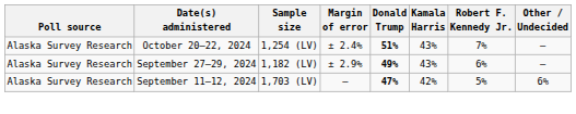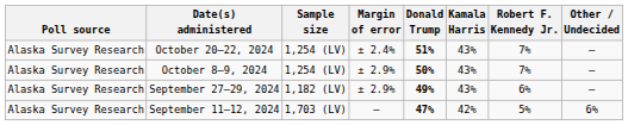 <table class="wikitable sortable mw-datatable" style="font-size:90%;text-align:center;line-height:17px">
 <tr valign=bottom>
 <th>Poll source</th>
 <th>Date(s)<br>administered</th>
 <th>Sample<br>size</th>
 <th>Margin<br>of error</th>
 <th class="unsortable">Donald<br>Trump<br></th>
 <th class="unsortable">Kamala<br>Harris<br></th>
 <th class="unsortable">Robert F.<br>Kennedy Jr.<br></th>
 <th class="unsortable">Other /<br>Undecided</th>
 </tr>
 <tr>
 <td style="text-align:left;">Alaska Survey Research</td>
 <td data-sort-value=2024-10-22>October 20–22, 2024</td>
 <td>1,254 (LV)</td>
 <td>± 2.4%</td>
 <td style="background-color:"><strong>51%</strong></td>
+<td>43%</td>
+<td>7%</td>
+<td>–</td>
+</tr>
+<tr>
+<td style="text-align:left;">Alaska Survey Research</td>
+<td data-sort-value=2024-10-09>October 8–9, 2024</td>
+<td>1,254 (LV)</td>
+<td>± 2.9%</td>
+<td style="background-color:"><strong>50%</strong></td>
 <td>43%</td>
 <td>7%</td>
 <td>–</td>
 </tr>
 <tr>
 <td style="text-align:left;">Alaska Survey Research</td>
 <td data-sort-value=2024-09-29>September 27–29, 2024</td>
 <td>1,182 (LV)</td>
 <td>± 2.9%</td>
 <td style="background-color:"><strong>49%</strong></td>
 <td>43%</td>
 <td>6%</td>
 <td>–</td>
 </tr>
 <tr>
 <td style="text-align:left;">Alaska Survey Research</td>
 <td data-sort-value=2024-09-12>September 11–12, 2024</td>
 <td>1,703 (LV)</td>
 <td>–</td>
 <td style="background-color:"><strong>47%</strong></td>
 <td>42%</td>
 <td>5%</td>
 <td>6%</td>
 </tr>
 </table>
